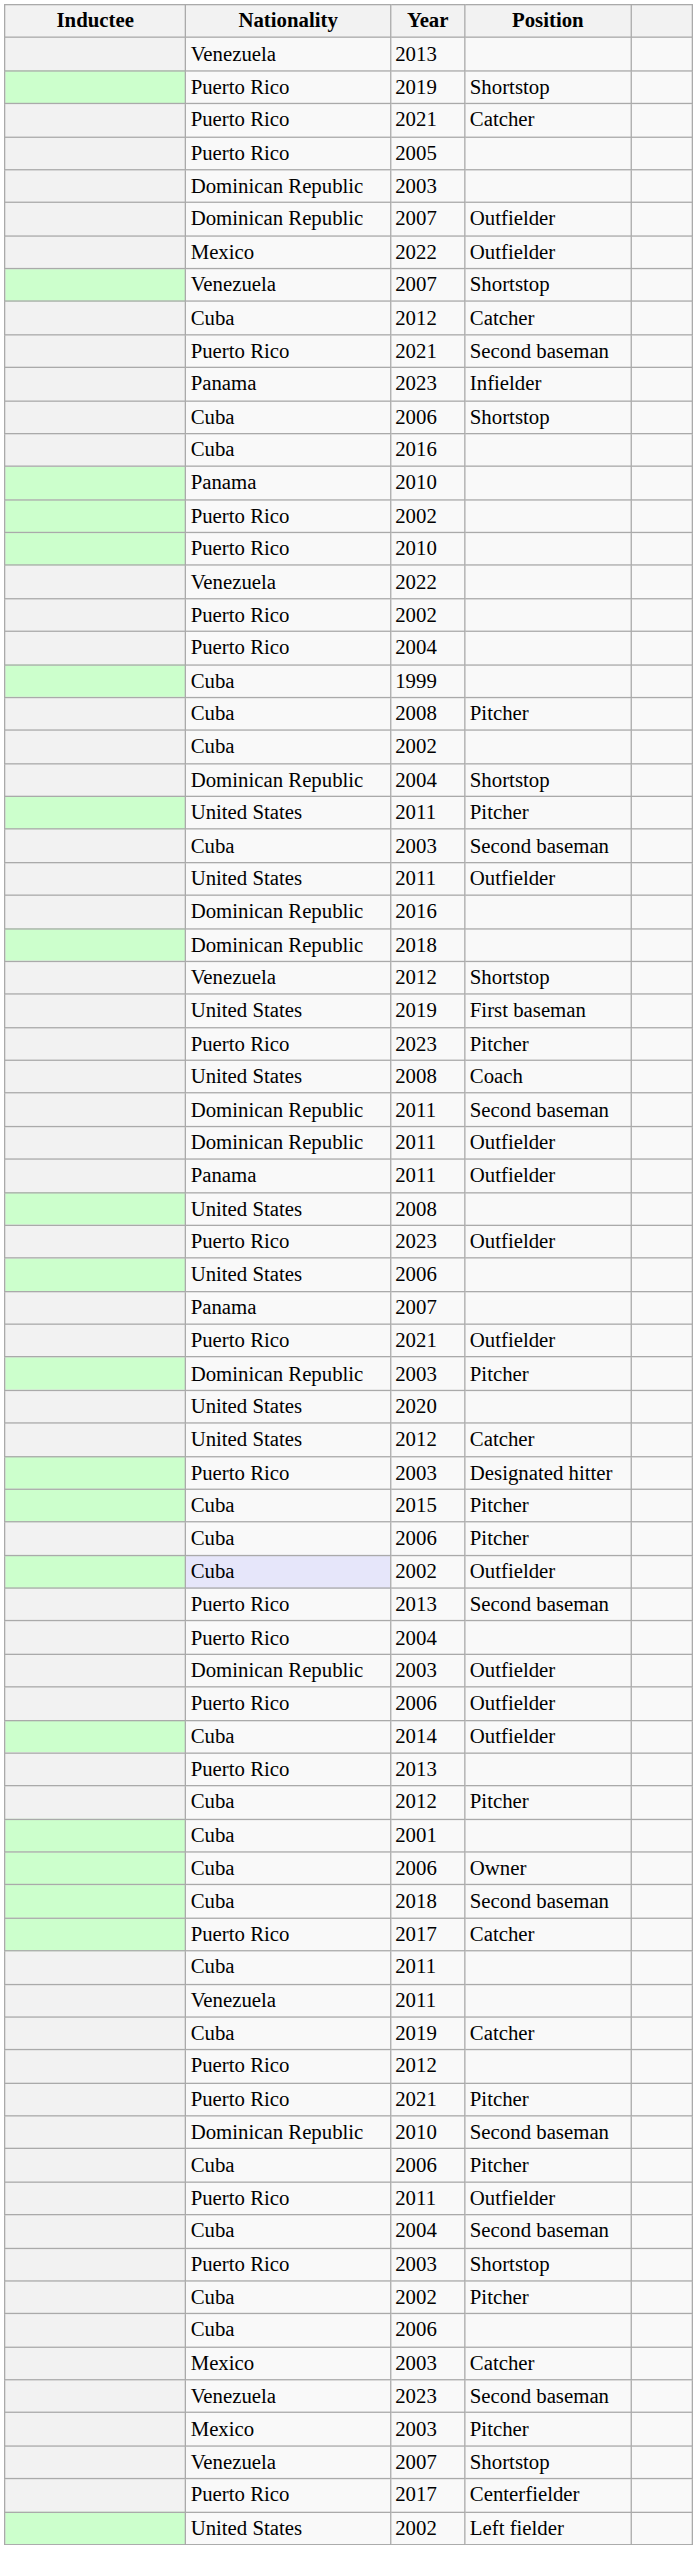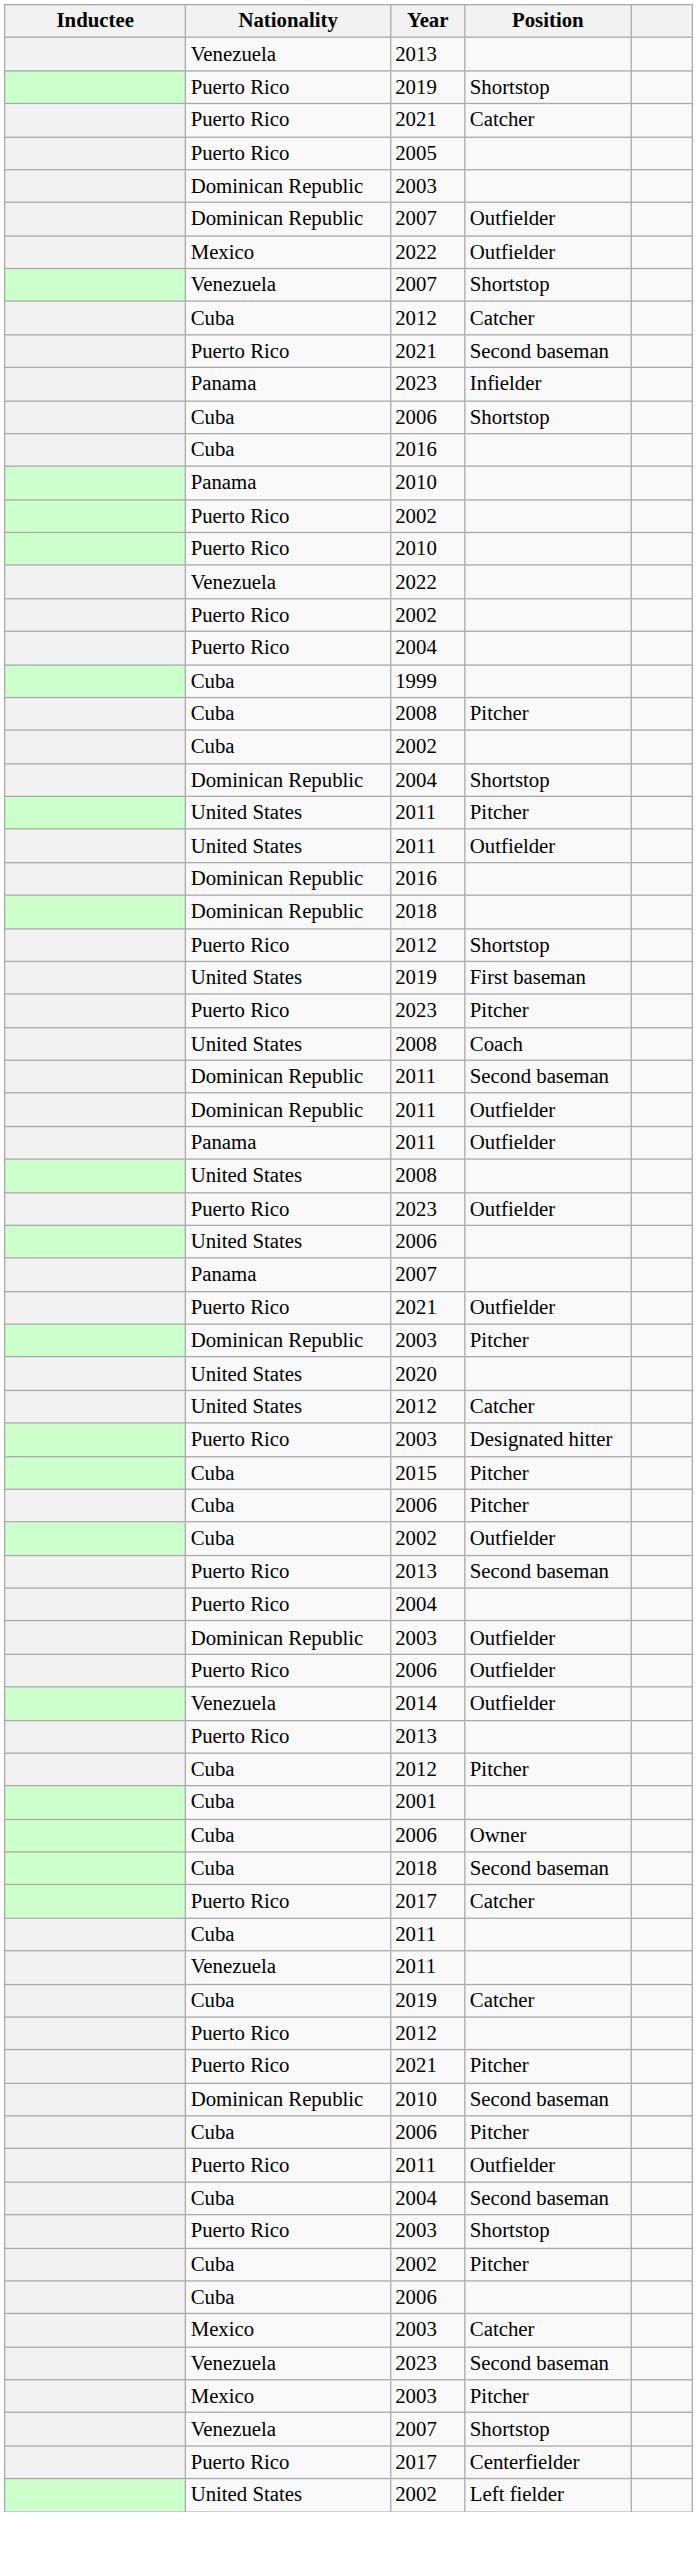 <table class="wikitable sortable">
 <tr>
 <th scope="col" style="width:132px;">Inductee</th>
 <th scope="col" style="width:150px;">Nationality</th>
 <th scope="col" style="width:50px;">Year</th>
 <th scope="col" style="width:120px;">Position</th>
 <th scope-"col" style="width:40px;" class="unsortable"></th>
 </tr>
 <tr>
 <th scope="row"></th>
 <td> Venezuela</td>
 <td>2013</td>
 <td></td>
 <td></td>
 </tr>
 <tr>
 <th scope="row" style="background-color:#ccffcc"></th>
 <td> Puerto Rico</td>
 <td>2019</td>
 <td>Shortstop</td>
 <td></td>
 </tr>
 <tr>
 <th scope="row"></th>
 <td> Puerto Rico</td>
 <td>2021</td>
 <td>Catcher</td>
 <td></td>
 </tr>
 <tr>
 <th scope="row"></th>
 <td> Puerto Rico</td>
 <td>2005</td>
 <td></td>
 <td></td>
 </tr>
 <tr>
 <th scope="row"></th>
 <td> Dominican Republic</td>
 <td>2003</td>
 <td></td>
 <td></td>
 </tr>
 <tr>
 <th scope="row"></th>
 <td> Dominican Republic</td>
 <td>2007</td>
 <td>Outfielder</td>
 <td></td>
 </tr>
 <tr>
 <th scope="row"></th>
 <td> Mexico</td>
 <td>2022</td>
 <td>Outfielder</td>
 <td></td>
 </tr>
 <tr>
 <th scope="row" style="background-color:#ccffcc"></th>
 <td> Venezuela</td>
 <td>2007</td>
 <td>Shortstop</td>
 <td></td>
 </tr>
 <tr>
 <th scope="row"></th>
 <td> Cuba</td>
 <td>2012</td>
 <td>Catcher</td>
 <td></td>
 </tr>
 <tr>
 <th scope="row"></th>
 <td> Puerto Rico</td>
 <td>2021</td>
 <td>Second baseman</td>
 <td></td>
 </tr>
 <tr>
 <th scope="row"></th>
 <td> Panama</td>
 <td>2023</td>
 <td>Infielder</td>
 <td></td>
 </tr>
 <tr>
 <th scope="row"></th>
 <td> Cuba</td>
 <td>2006</td>
 <td>Shortstop</td>
 <td></td>
 </tr>
 <tr>
 <th scope="row"></th>
 <td> Cuba</td>
 <td>2016</td>
 <td></td>
 <td></td>
 </tr>
 <tr>
 <th scope="row" style="background-color:#ccffcc"></th>
 <td> Panama</td>
 <td>2010</td>
 <td></td>
 <td></td>
 </tr>
 <tr>
 <th scope="row" style="background-color:#ccffcc"></th>
 <td> Puerto Rico</td>
 <td>2002</td>
 <td></td>
 <td></td>
 </tr>
 <tr>
 <th scope="row" style="background-color:#ccffcc"></th>
 <td> Puerto Rico</td>
 <td>2010</td>
 <td></td>
 <td></td>
 </tr>
 <tr>
 <th scope="row"></th>
 <td> Venezuela</td>
 <td>2022</td>
 <td></td>
 <td></td>
 </tr>
 <tr>
 <th scope="row"></th>
 <td> Puerto Rico</td>
 <td>2002</td>
 <td></td>
 <td></td>
 </tr>
 <tr>
 <th scope="row"></th>
 <td> Puerto Rico</td>
 <td>2004</td>
 <td></td>
 <td></td>
 </tr>
 <tr>
 <th scope="row" style="background-color:#ccffcc"></th>
 <td> Cuba</td>
 <td>1999</td>
 <td></td>
 <td></td>
 </tr>
 <tr>
 <th scope="row"></th>
 <td> Cuba</td>
 <td>2008</td>
 <td>Pitcher</td>
 <td></td>
 </tr>
 <tr>
 <th scope="row"></th>
 <td> Cuba</td>
 <td>2002</td>
 <td></td>
 <td></td>
 </tr>
 <tr>
 <th scope="row"></th>
 <td> Dominican Republic</td>
 <td>2004</td>
 <td>Shortstop</td>
 <td></td>
 </tr>
 <tr>
 <th scope="row" style="background-color:#ccffcc"></th>
 <td> United States</td>
 <td>2011</td>
 <td>Pitcher</td>
 <td></td>
 </tr>
 <tr>
 <th scope="row"></th>
-<td> Cuba</td>
-<td>2003</td>
-<td>Second baseman</td>
-<td></td>
-</tr>
-<tr>
-<th scope="row"></th>
 <td> United States</td>
 <td>2011</td>
 <td>Outfielder</td>
 <td></td>
 </tr>
 <tr>
 <th scope="row"></th>
 <td> Dominican Republic</td>
 <td>2016</td>
 <td></td>
 <td></td>
 </tr>
 <tr>
 <th scope="row" style="background-color:#ccffcc"></th>
 <td> Dominican Republic</td>
 <td>2018</td>
 <td></td>
 <td></td>
 </tr>
 <tr>
 <th scope="row"></th>
-<td> Venezuela</td>
+<td> Puerto Rico</td>
 <td>2012</td>
 <td>Shortstop</td>
 <td></td>
 </tr>
 <tr>
 <th scope="row"></th>
 <td> United States</td>
 <td>2019</td>
 <td>First baseman</td>
 <td></td>
 </tr>
 <tr>
 <th scope="row"></th>
 <td> Puerto Rico</td>
 <td>2023</td>
 <td>Pitcher</td>
 <td></td>
 </tr>
 <tr>
 <th scope="row"></th>
 <td> United States</td>
 <td>2008</td>
 <td>Coach</td>
 <td></td>
 </tr>
 <tr>
 <th scope="row"></th>
 <td> Dominican Republic</td>
 <td>2011</td>
 <td>Second baseman</td>
 <td></td>
 </tr>
 <tr>
 <th scope="row"></th>
 <td> Dominican Republic</td>
 <td>2011</td>
 <td>Outfielder</td>
 <td></td>
 </tr>
 <tr>
 <th scope="row"></th>
 <td> Panama</td>
 <td>2011</td>
 <td>Outfielder</td>
 <td></td>
 </tr>
 <tr>
 <th scope="row" style="background-color:#ccffcc"></th>
 <td> United States</td>
 <td>2008</td>
 <td></td>
 <td></td>
 </tr>
 <tr>
 <th scope="row"></th>
 <td> Puerto Rico</td>
 <td>2023</td>
 <td>Outfielder</td>
 <td></td>
 </tr>
 <tr>
 <th scope="row" style="background-color:#ccffcc"></th>
 <td> United States</td>
 <td>2006</td>
 <td></td>
 <td></td>
 </tr>
 <tr>
 <th scope="row"></th>
 <td> Panama</td>
 <td>2007</td>
 <td></td>
 <td></td>
 </tr>
 <tr>
 <th scope="row"></th>
 <td> Puerto Rico</td>
 <td>2021</td>
 <td>Outfielder</td>
 <td></td>
 </tr>
 <tr>
 <th scope="row" style="background-color:#ccffcc"></th>
 <td> Dominican Republic</td>
 <td>2003</td>
 <td>Pitcher</td>
 <td></td>
 </tr>
 <tr>
 <th scope="row"></th>
 <td> United States</td>
 <td>2020</td>
 <td></td>
 <td></td>
 </tr>
 <tr>
 <th scope="row"></th>
 <td> United States</td>
 <td>2012</td>
 <td>Catcher</td>
 <td></td>
 </tr>
 <tr>
 <th scope="row" style="background-color:#ccffcc"></th>
 <td> Puerto Rico</td>
 <td>2003</td>
 <td>Designated hitter</td>
 <td></td>
 </tr>
 <tr>
 <th scope="row" style="background-color:#ccffcc"></th>
 <td> Cuba</td>
 <td>2015</td>
 <td>Pitcher</td>
 <td></td>
 </tr>
 <tr>
 <th scope="row"></th>
 <td> Cuba</td>
 <td>2006</td>
 <td>Pitcher</td>
 <td></td>
 </tr>
 <tr>
 <th scope="row" style="background-color:#ccffcc"></th>
-<td style="background: lavender;"> Cuba</td>
+<td> Cuba</td>
 <td>2002</td>
 <td>Outfielder</td>
 <td></td>
 </tr>
 <tr>
 <th scope="row"></th>
 <td> Puerto Rico</td>
 <td>2013</td>
 <td>Second baseman</td>
 <td></td>
 </tr>
 <tr>
 <th scope="row"></th>
 <td> Puerto Rico</td>
 <td>2004</td>
 <td></td>
 <td></td>
 </tr>
 <tr>
 <th scope="row"></th>
 <td> Dominican Republic</td>
 <td>2003</td>
 <td>Outfielder</td>
 <td></td>
 </tr>
 <tr>
 <th scope="row"></th>
 <td> Puerto Rico</td>
 <td>2006</td>
 <td>Outfielder</td>
 <td></td>
 </tr>
 <tr>
 <th scope="row" style="background-color:#ccffcc"></th>
-<td> Cuba</td>
+<td> Venezuela</td>
 <td>2014</td>
 <td>Outfielder</td>
 <td></td>
 </tr>
 <tr>
 <th scope="row"></th>
 <td> Puerto Rico</td>
 <td>2013</td>
 <td></td>
 <td></td>
 </tr>
 <tr>
 <th scope="row"></th>
 <td> Cuba</td>
 <td>2012</td>
 <td>Pitcher</td>
 <td></td>
 </tr>
 <tr>
 <th scope="row" style="background-color:#ccffcc"></th>
 <td> Cuba</td>
 <td>2001</td>
 <td></td>
 <td></td>
 </tr>
 <tr>
 <th scope="row" style="background-color:#ccffcc"></th>
 <td> Cuba</td>
 <td>2006</td>
 <td>Owner</td>
 <td></td>
 </tr>
 <tr>
 <th scope="row" style="background-color:#ccffcc"></th>
 <td> Cuba</td>
 <td>2018</td>
 <td>Second baseman</td>
 <td></td>
 </tr>
 <tr>
 <th scope="row" style="background-color:#ccffcc"></th>
 <td> Puerto Rico</td>
 <td>2017</td>
 <td>Catcher</td>
 <td></td>
 </tr>
 <tr>
 <th scope="row"></th>
 <td> Cuba</td>
 <td>2011</td>
 <td></td>
 <td></td>
 </tr>
 <tr>
 <th scope="row"></th>
 <td> Venezuela</td>
 <td>2011</td>
 <td></td>
 <td></td>
 </tr>
 <tr>
 <th scope="row"></th>
 <td> Cuba</td>
 <td>2019</td>
 <td>Catcher</td>
 <td></td>
 </tr>
 <tr>
 <th scope="row"></th>
 <td> Puerto Rico</td>
 <td>2012</td>
 <td></td>
 <td></td>
 </tr>
 <tr>
 <th scope="row"></th>
 <td> Puerto Rico</td>
 <td>2021</td>
 <td>Pitcher</td>
 <td></td>
 </tr>
 <tr>
 <th scope="row"></th>
 <td> Dominican Republic</td>
 <td>2010</td>
 <td>Second baseman</td>
 <td></td>
 </tr>
 <tr>
 <th scope="row"></th>
 <td> Cuba</td>
 <td>2006</td>
 <td>Pitcher</td>
 <td></td>
 </tr>
 <tr>
 <th scope="row"></th>
 <td> Puerto Rico</td>
 <td>2011</td>
 <td>Outfielder</td>
 <td></td>
 </tr>
 <tr>
 <th scope="row"></th>
 <td> Cuba</td>
 <td>2004</td>
 <td>Second baseman</td>
 <td></td>
 </tr>
 <tr>
 <th scope="row"></th>
 <td> Puerto Rico</td>
 <td>2003</td>
 <td>Shortstop</td>
 <td></td>
 </tr>
 <tr>
 <th scope="row"></th>
 <td> Cuba</td>
 <td>2002</td>
 <td>Pitcher</td>
 <td></td>
 </tr>
 <tr>
 <th scope="row"></th>
 <td> Cuba</td>
 <td>2006</td>
 <td></td>
 <td></td>
 </tr>
 <tr>
 <th scope="row"></th>
 <td> Mexico</td>
 <td>2003</td>
 <td>Catcher</td>
 <td></td>
 </tr>
 <tr>
 <th scope="row"></th>
 <td> Venezuela</td>
 <td>2023</td>
 <td>Second baseman</td>
 <td></td>
 </tr>
 <tr>
 <th scope="row"></th>
 <td> Mexico</td>
 <td>2003</td>
 <td>Pitcher</td>
 <td></td>
 </tr>
 <tr>
 <th scope="row"></th>
 <td> Venezuela</td>
 <td>2007</td>
 <td>Shortstop</td>
 <td></td>
 </tr>
 <tr>
 <th scope="row"></th>
 <td> Puerto Rico</td>
 <td>2017</td>
 <td>Centerfielder</td>
 <td></td>
 </tr>
 <tr>
 <th scope="row" style="background-color:#ccffcc"></th>
 <td> United States</td>
 <td>2002</td>
 <td>Left fielder</td>
 <td></td>
 </tr>
 <tr>
 </tr>
 </table>
